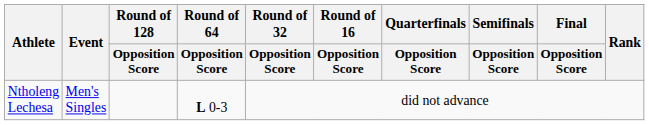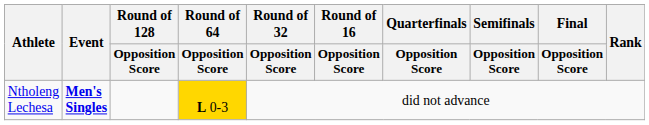 <table class=wikitable style="font-size:90%">
 <tr>
 <th rowspan="2">Athlete</th>
 <th rowspan="2">Event</th>
 <th>Round of 128</th>
 <th>Round of 64</th>
 <th>Round of 32</th>
 <th>Round of 16</th>
 <th>Quarterfinals</th>
 <th>Semifinals</th>
 <th>Final</th>
 <th rowspan=2>Rank</th>
 </tr>
 <tr style="font-size:95%">
 <th>Opposition<br>Score</th>
 <th>Opposition<br>Score</th>
 <th>Opposition<br>Score</th>
 <th>Opposition<br>Score</th>
 <th>Opposition<br>Score</th>
 <th>Opposition<br>Score</th>
 <th>Opposition<br>Score</th>
 </tr>
 <tr align=center>
 <td align=left><a href='#'>Ntholeng Lechesa</a></td>
-<td align=left><a href='#'>Men's Singles</a></td>
+<td align=left><strong><a href='#'>Men's Singles</a></strong></td>
 <td></td>
-<td><br><strong>L</strong> 0-3</td>
+<td style="background: gold;"><br><strong>L</strong> 0-3</td>
 <td colspan=6>did not advance</td>
 </tr>
 </table>
